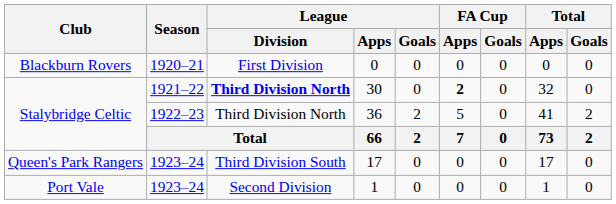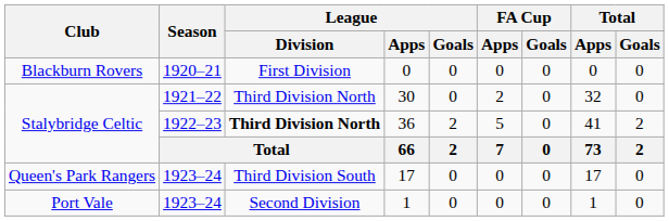 <table class="wikitable" style="text-align: center;">
 <tr>
 <th rowspan="2">Club</th>
 <th rowspan="2">Season</th>
 <th colspan="3">League</th>
 <th colspan="2">FA Cup</th>
 <th colspan="2">Total</th>
 </tr>
 <tr>
 <th>Division</th>
 <th>Apps</th>
 <th>Goals</th>
 <th>Apps</th>
 <th>Goals</th>
 <th>Apps</th>
 <th>Goals</th>
 </tr>
 <tr>
 <td><a href='#'>Blackburn Rovers</a></td>
 <td><a href='#'>1920–21</a></td>
 <td><a href='#'>First Division</a></td>
 <td>0</td>
 <td>0</td>
 <td>0</td>
 <td>0</td>
 <td>0</td>
 <td>0</td>
 </tr>
 <tr>
 <td rowspan="3"><a href='#'>Stalybridge Celtic</a></td>
 <td><a href='#'>1921–22</a></td>
-<td><strong><a href='#'>Third Division North</a></strong></td>
+<td><a href='#'>Third Division North</a></td>
 <td>30</td>
 <td>0</td>
-<td><strong>2</strong></td>
+<td>2</td>
 <td>0</td>
 <td>32</td>
 <td>0</td>
 </tr>
 <tr>
 <td><a href='#'>1922–23</a></td>
-<td>Third Division North</td>
+<td><strong>Third Division North</strong></td>
 <td>36</td>
 <td>2</td>
 <td>5</td>
 <td>0</td>
 <td>41</td>
 <td>2</td>
 </tr>
 <tr>
 <th colspan="2">Total</th>
 <th>66</th>
 <th>2</th>
 <th>7</th>
 <th>0</th>
 <th>73</th>
 <th>2</th>
 </tr>
 <tr>
 <td><a href='#'>Queen's Park Rangers</a></td>
 <td><a href='#'>1923–24</a></td>
 <td><a href='#'>Third Division South</a></td>
 <td>17</td>
 <td>0</td>
 <td>0</td>
 <td>0</td>
 <td>17</td>
 <td>0</td>
 </tr>
 <tr>
 <td><a href='#'>Port Vale</a></td>
 <td><a href='#'>1923–24</a></td>
 <td><a href='#'>Second Division</a></td>
 <td>1</td>
 <td>0</td>
 <td>0</td>
 <td>0</td>
 <td>1</td>
 <td>0</td>
 </tr>
 </table>
